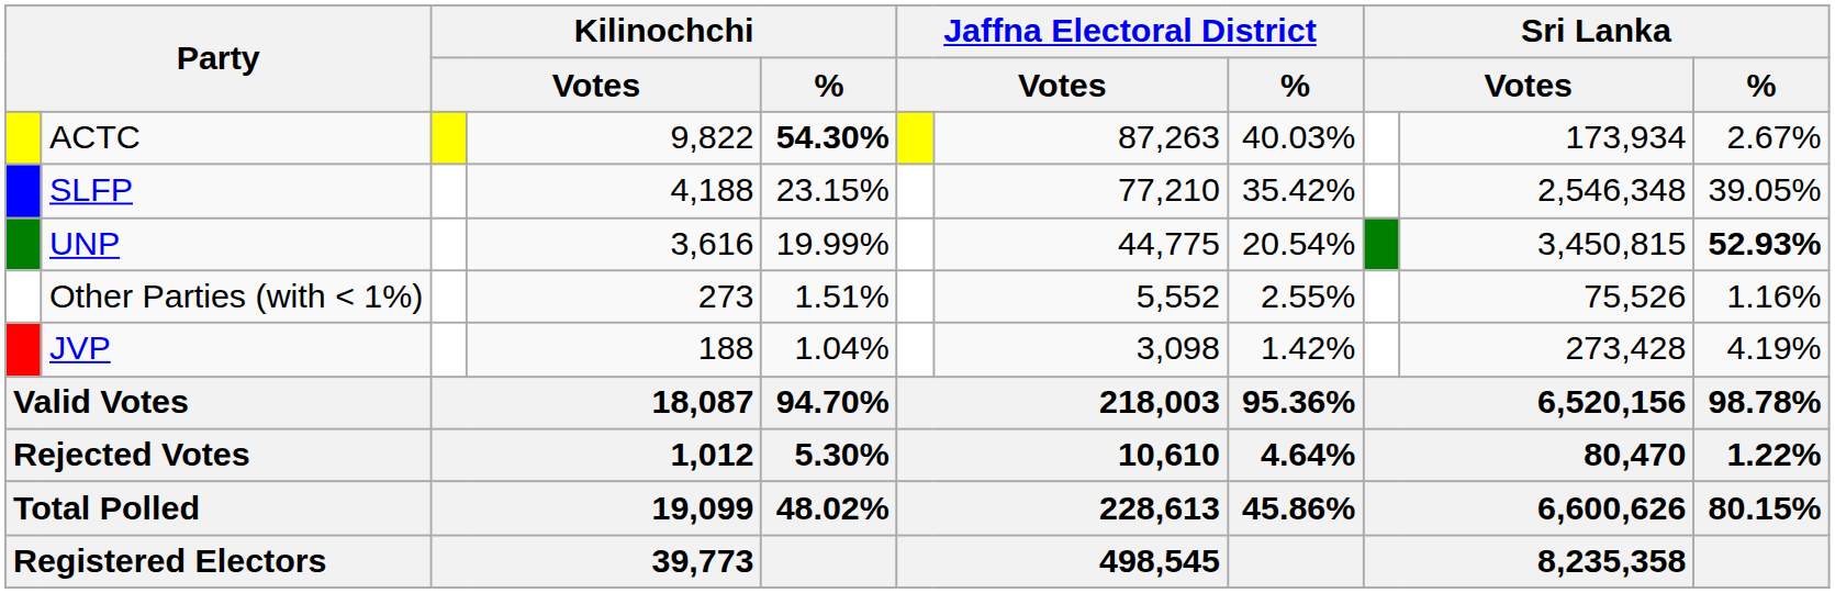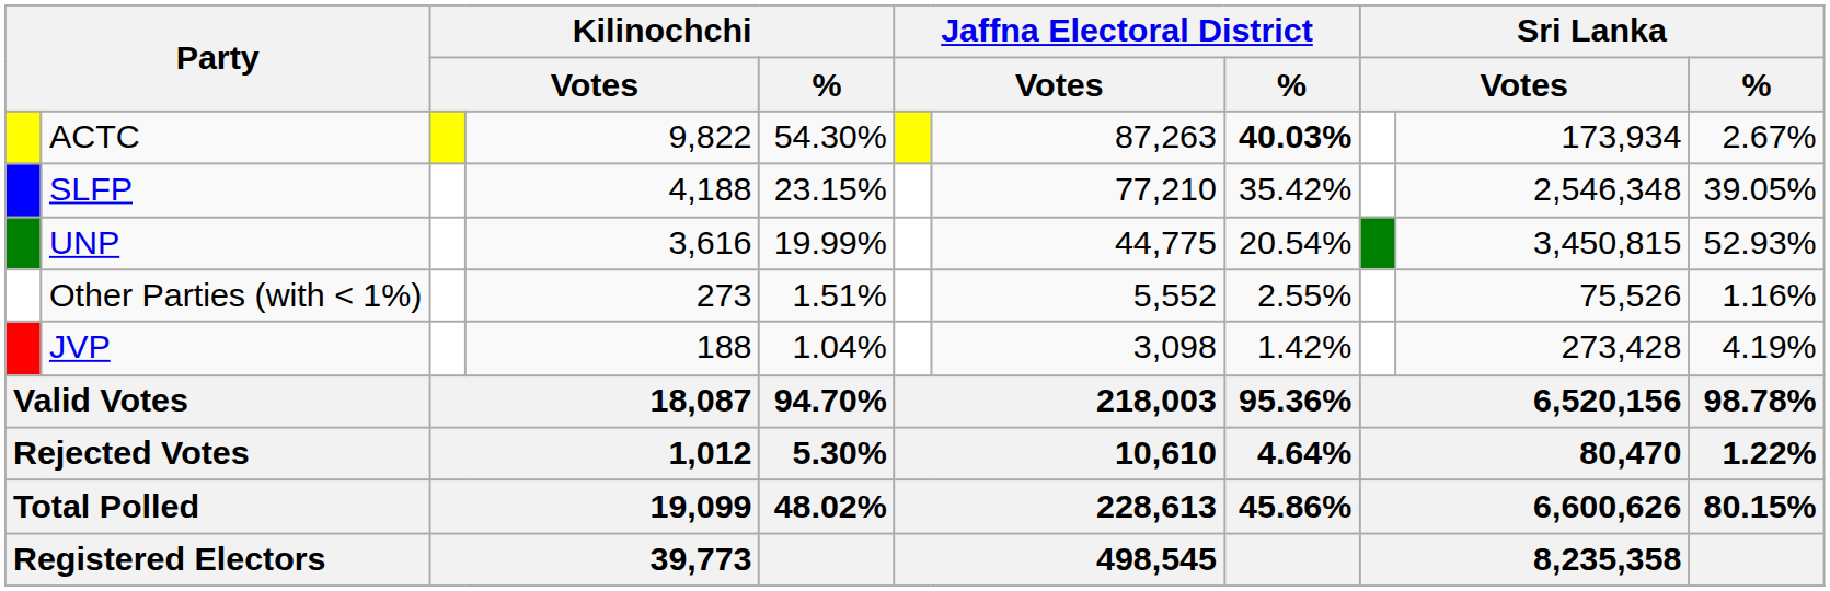 <table class="wikitable">
 <tr>
 <th colspan="2" width="144px"rowspan="2">Party</th>
 <th colspan="3" width="216px">Kilinochchi</th>
 <th colspan="3" width="216px"><a href='#'>Jaffna Electoral District</a></th>
 <th colspan="3" width="216px">Sri Lanka</th>
 </tr>
 <tr>
 <th colspan="2" width="144px">Votes</th>
 <th>%</th>
 <th colspan="2" width="144px">Votes</th>
 <th>%</th>
 <th colspan="2" width="144px">Votes</th>
 <th>%</th>
 </tr>
 <tr>
 <td style="background-color:yellow;" width="10px"></td>
 <td style="text-align:left;">ACTC</td>
 <td style="background-color:yellow;" width="10px"></td>
 <td style="text-align:right;">9,822</td>
-<td style="text-align:right;"><strong>54.30%</strong></td>
+<td style="text-align:right;">54.30%</td>
 <td style="background-color:yellow;" width="10px"></td>
 <td style="text-align:right;">87,263</td>
-<td style="text-align:right;">40.03%</td>
+<td style="text-align:right;"><strong>40.03%</strong></td>
 <td style="background-color:white;" width="10px"></td>
 <td style="text-align:right;">173,934</td>
 <td style="text-align:right;">2.67%</td>
 </tr>
 <tr>
 <td style="background-color:blue;" width="10px"></td>
 <td style="text-align:left;"><a href='#'>SLFP</a></td>
 <td style="background-color:white;" width="10px"></td>
 <td style="text-align:right;">4,188</td>
 <td style="text-align:right;">23.15%</td>
 <td style="background-color:white;" width="10px"></td>
 <td style="text-align:right;">77,210</td>
 <td style="text-align:right;">35.42%</td>
 <td style="background-color:white;" width="10px"></td>
 <td style="text-align:right;">2,546,348</td>
 <td style="text-align:right;">39.05%</td>
 </tr>
 <tr>
 <td style="background-color:green;" width="10px"></td>
 <td style="text-align:left;"><a href='#'>UNP</a></td>
 <td style="background-color:white;" width="10px"></td>
 <td style="text-align:right;">3,616</td>
 <td style="text-align:right;">19.99%</td>
 <td style="background-color:white;" width="10px"></td>
 <td style="text-align:right;">44,775</td>
 <td style="text-align:right;">20.54%</td>
 <td style="background-color:green;" width="10px"></td>
 <td style="text-align:right;">3,450,815</td>
-<td style="text-align:right;"><strong>52.93%</strong></td>
+<td style="text-align:right;">52.93%</td>
 </tr>
 <tr>
 <td style="background-color:white;" width="10px"></td>
 <td style="text-align:left;">Other Parties (with < 1%)</td>
 <td style="background-color:white;" width="10px"></td>
 <td style="text-align:right;">273</td>
 <td style="text-align:right;">1.51%</td>
 <td style="background-color:white;" width="10px"></td>
 <td style="text-align:right;">5,552</td>
 <td style="text-align:right;">2.55%</td>
 <td style="background-color:white;" width="10px"></td>
 <td style="text-align:right;">75,526</td>
 <td style="text-align:right;">1.16%</td>
 </tr>
 <tr>
 <td style="background-color:red;" width="10px"></td>
 <td style="text-align:left;"><a href='#'>JVP</a></td>
 <td style="background-color:white;" width="10px"></td>
 <td style="text-align:right;">188</td>
 <td style="text-align:right;">1.04%</td>
 <td style="background-color:white;" width="10px"></td>
 <td style="text-align:right;">3,098</td>
 <td style="text-align:right;">1.42%</td>
 <td style="background-color:white;" width="10px"></td>
 <td style="text-align:right;">273,428</td>
 <td style="text-align:right;">4.19%</td>
 </tr>
 <tr>
 <th colspan="2" width="144px"style="text-align:left;">Valid Votes</th>
 <th style="text-align:right;"colspan="2" width="144px">18,087</th>
 <th style="text-align:right;">94.70%</th>
 <th style="text-align:right;"colspan="2" width="144px">218,003</th>
 <th style="text-align:right;">95.36%</th>
 <th style="text-align:right;"colspan="2" width="144px">6,520,156</th>
 <th style="text-align:right;">98.78%</th>
 </tr>
 <tr>
 <th colspan="2" width="144px"style="text-align:left;">Rejected Votes</th>
 <th style="text-align:right;"colspan="2" width="144px">1,012</th>
 <th style="text-align:right;">5.30%</th>
 <th style="text-align:right;"colspan="2" width="144px">10,610</th>
 <th style="text-align:right;">4.64%</th>
 <th style="text-align:right;"colspan="2" width="144px">80,470</th>
 <th style="text-align:right;">1.22%</th>
 </tr>
 <tr>
 <th colspan="2" width="144px"style="text-align:left;">Total Polled</th>
 <th style="text-align:right;"colspan="2" width="144px">19,099</th>
 <th style="text-align:right;">48.02%</th>
 <th style="text-align:right;"colspan="2" width="144px">228,613</th>
 <th style="text-align:right;">45.86%</th>
 <th style="text-align:right;"colspan="2" width="144px">6,600,626</th>
 <th style="text-align:right;">80.15%</th>
 </tr>
 <tr>
 <th colspan="2" width="144px"style="text-align:left;">Registered Electors</th>
 <th style="text-align:right;"colspan="2" width="144px">39,773</th>
 <th></th>
 <th style="text-align:right;"colspan="2" width="144px">498,545</th>
 <th></th>
 <th style="text-align:right;"colspan="2" width="144px">8,235,358</th>
 <th></th>
 </tr>
 </table>
